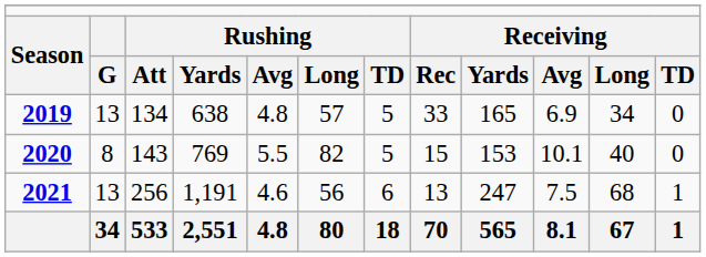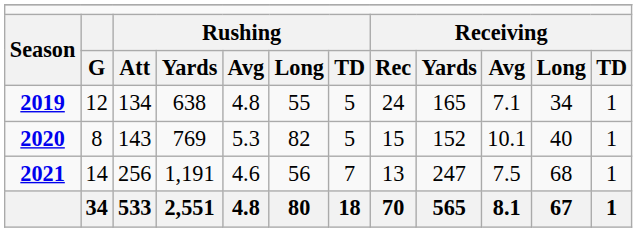 <table class=wikitable style="text-align:center;">
 <tr>
 </tr>
 <tr>
 <td ! colspan="13"></td>
 </tr>
 <tr>
 <th rowspan=2>Season</th>
 <th rowspan=1> </th>
 <th colspan=5>Rushing</th>
 <th colspan=5>Receiving</th>
 </tr>
 <tr>
 <th>G</th>
 <th>Att</th>
 <th>Yards</th>
 <th>Avg</th>
 <th>Long</th>
 <th>TD</th>
 <th>Rec</th>
 <th>Yards</th>
 <th>Avg</th>
 <th>Long</th>
 <th>TD</th>
 </tr>
 <tr>
 <td><strong><a href='#'>2019</a></strong></td>
-<td>13</td>
+<td>12</td>
 <td>134</td>
 <td>638</td>
 <td>4.8</td>
-<td>57</td>
+<td>55</td>
 <td>5</td>
-<td>33</td>
+<td>24</td>
 <td>165</td>
-<td>6.9</td>
+<td>7.1</td>
 <td>34</td>
-<td>0</td>
+<td>1</td>
 </tr>
 <tr>
 <td><strong><a href='#'>2020</a></strong></td>
 <td>8</td>
 <td>143</td>
 <td>769</td>
-<td>5.5</td>
+<td>5.3</td>
 <td>82</td>
 <td>5</td>
 <td>15</td>
-<td>153</td>
+<td>152</td>
 <td>10.1</td>
 <td>40</td>
-<td>0</td>
+<td>1</td>
 </tr>
 <tr>
 <td><strong><a href='#'>2021</a></strong></td>
-<td>13</td>
+<td>14</td>
 <td>256</td>
 <td>1,191</td>
 <td>4.6</td>
 <td>56</td>
-<td>6</td>
+<td>7</td>
 <td>13</td>
 <td>247</td>
 <td>7.5</td>
 <td>68</td>
 <td>1</td>
 </tr>
 <tr>
 <th></th>
 <th>34</th>
 <th>533</th>
 <th>2,551</th>
 <th>4.8</th>
 <th>80</th>
 <th>18</th>
 <th>70</th>
 <th>565</th>
 <th>8.1</th>
 <th>67</th>
 <th>1</th>
 </tr>
 </table>
